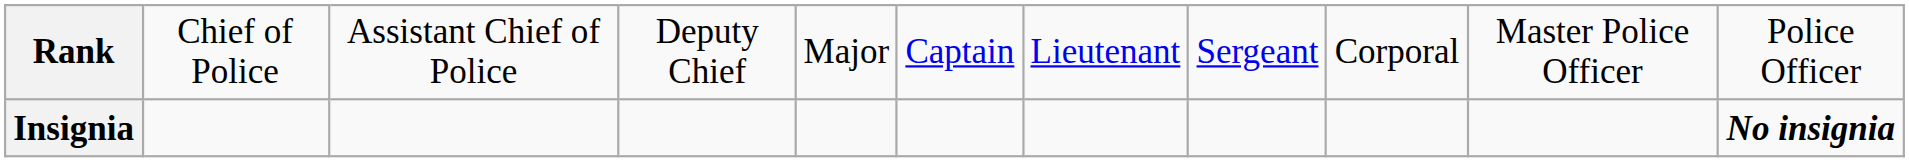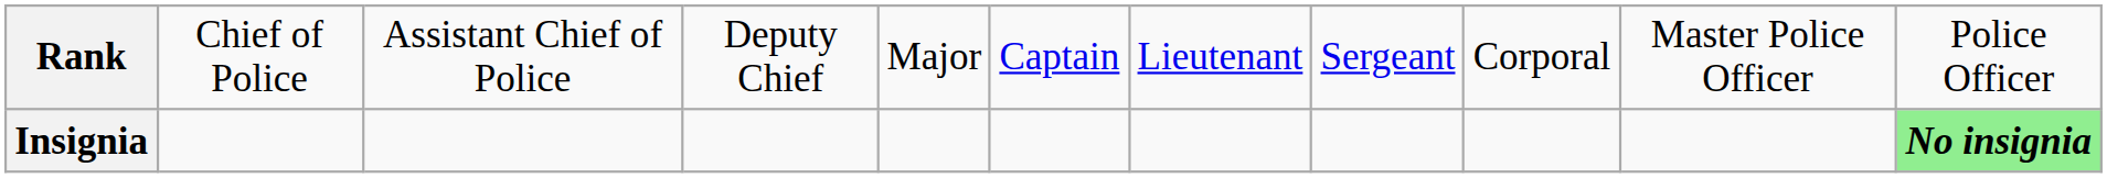 <table class="wikitable">
 <tr style="text-align:center;">
 <th>Rank</th>
 <td>Chief of Police</td>
 <td>Assistant Chief of Police</td>
 <td>Deputy Chief</td>
 <td>Major</td>
 <td><a href='#'>Captain</a></td>
 <td><a href='#'>Lieutenant</a></td>
 <td><a href='#'>Sergeant</a></td>
 <td>Corporal</td>
 <td>Master Police Officer</td>
 <td>Police Officer</td>
 </tr>
 <tr style="text-align:center;">
 <th>Insignia</th>
 <td></td>
 <td></td>
 <td></td>
 <td></td>
 <td></td>
 <td></td>
 <td></td>
 <td></td>
 <td></td>
-<td><strong><em>No insignia</em></strong></td>
+<td style="background: lightgreen;"><strong><em>No insignia</em></strong></td>
 </tr>
 </table>
